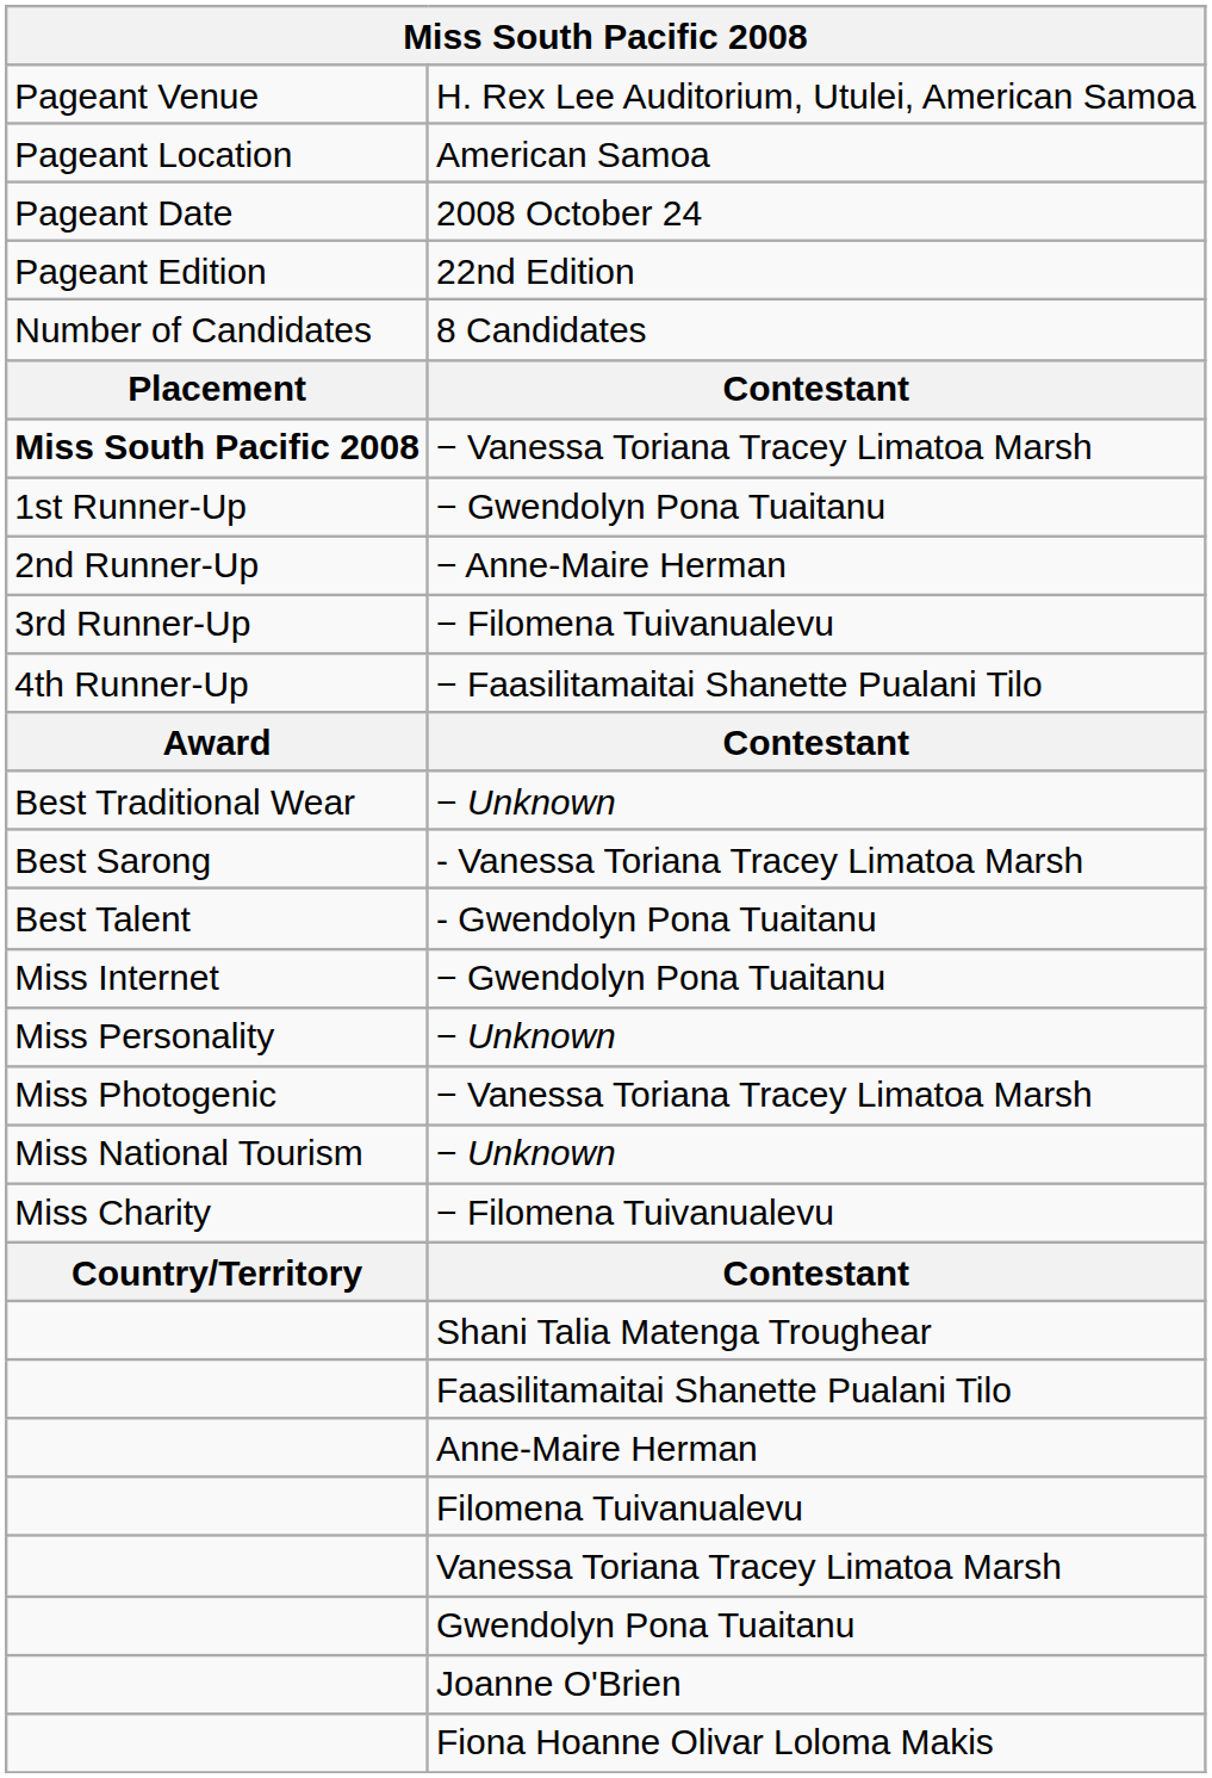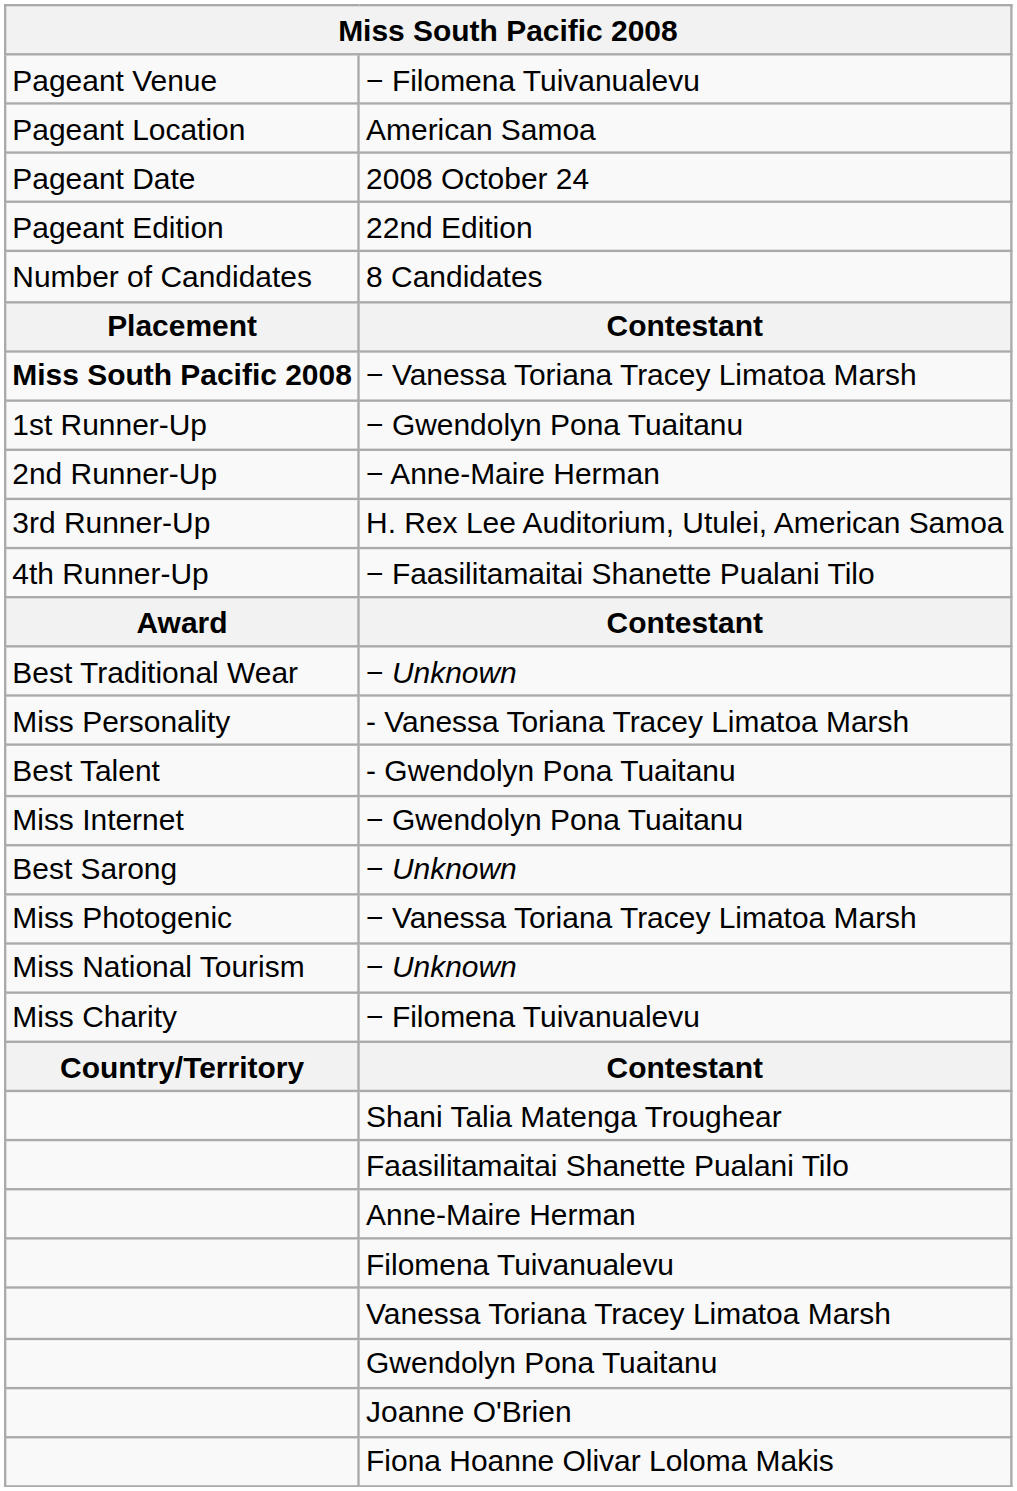 <table class="wikitable sortable" style="font-size: 80%;">
 <tr>
 <th colspan="2"><strong>Miss South Pacific 2008</strong></th>
 </tr>
 <tr>
 <td>Pageant Venue</td>
-<td>H. Rex Lee Auditorium, Utulei, American Samoa</td>
+<td> − Filomena Tuivanualevu</td>
 </tr>
 <tr>
 <td>Pageant Location</td>
 <td>American Samoa</td>
 </tr>
 <tr>
 <td>Pageant Date</td>
 <td>2008 October 24</td>
 </tr>
 <tr>
 <td>Pageant Edition</td>
 <td>22nd Edition</td>
 </tr>
 <tr>
 <td>Number of Candidates</td>
 <td>8 Candidates</td>
 </tr>
 <tr>
 <th>Placement</th>
 <th>Contestant</th>
 </tr>
 <tr>
 <td><strong>Miss South Pacific 2008</strong></td>
 <td> − Vanessa Toriana Tracey Limatoa Marsh</td>
 </tr>
 <tr>
 <td>1st Runner-Up</td>
 <td> − Gwendolyn Pona Tuaitanu</td>
 </tr>
 <tr>
 <td>2nd Runner-Up</td>
 <td> − Anne-Maire Herman</td>
 </tr>
 <tr>
 <td>3rd Runner-Up</td>
-<td> − Filomena Tuivanualevu</td>
+<td>H. Rex Lee Auditorium, Utulei, American Samoa</td>
 </tr>
 <tr>
 <td>4th Runner-Up</td>
 <td> − Faasilitamaitai Shanette Pualani Tilo</td>
 </tr>
 <tr>
 <th>Award</th>
 <th>Contestant</th>
 </tr>
 <tr>
 <td>Best Traditional Wear</td>
 <td> − <em>Unknown</em></td>
 </tr>
 <tr>
-<td>Best Sarong</td>
+<td>Miss Personality</td>
 <td> - Vanessa Toriana Tracey Limatoa Marsh</td>
 </tr>
 <tr>
 <td>Best Talent</td>
 <td> - Gwendolyn Pona Tuaitanu</td>
 </tr>
 <tr>
 <td>Miss Internet</td>
 <td> − Gwendolyn Pona Tuaitanu</td>
 </tr>
 <tr>
-<td>Miss Personality</td>
+<td>Best Sarong</td>
 <td> − <em>Unknown</em></td>
 </tr>
 <tr>
 <td>Miss Photogenic</td>
 <td> − Vanessa Toriana Tracey Limatoa Marsh</td>
 </tr>
 <tr>
 <td>Miss National Tourism</td>
 <td> − <em>Unknown</em></td>
 </tr>
 <tr>
 <td>Miss Charity</td>
 <td> − Filomena Tuivanualevu</td>
 </tr>
 <tr>
 <th><strong>Country/Territory</strong></th>
 <th>Contestant</th>
 </tr>
 <tr>
 <td></td>
 <td>Shani Talia Matenga Troughear</td>
 </tr>
 <tr>
 <td></td>
 <td>Faasilitamaitai Shanette Pualani Tilo</td>
 </tr>
 <tr>
 <td></td>
 <td>Anne-Maire Herman</td>
 </tr>
 <tr>
 <td></td>
 <td>Filomena Tuivanualevu</td>
 </tr>
 <tr>
 <td></td>
 <td>Vanessa Toriana Tracey Limatoa Marsh</td>
 </tr>
 <tr>
 <td></td>
 <td>Gwendolyn Pona Tuaitanu</td>
 </tr>
 <tr>
 <td></td>
 <td>Joanne O'Brien</td>
 </tr>
 <tr>
 <td></td>
 <td>Fiona Hoanne Olivar Loloma Makis</td>
 </tr>
 </table>
